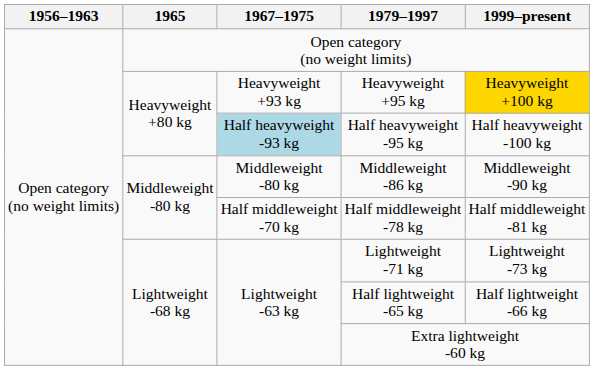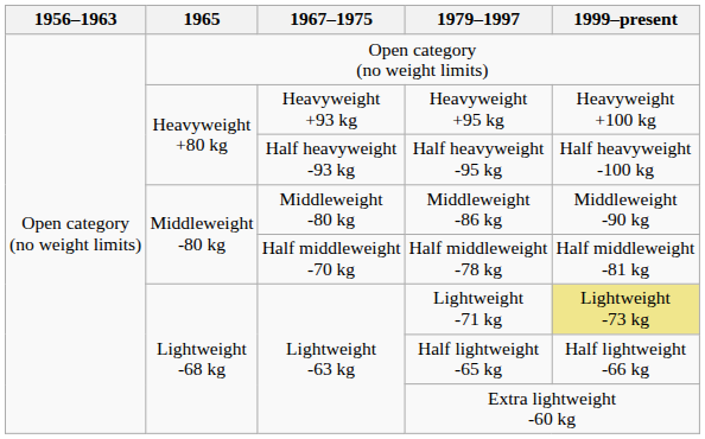 <table class="wikitable"  style="text-align:center">
 <tr>
 <th>1956–1963</th>
 <th>1965</th>
 <th>1967–1975</th>
 <th>1979–1997</th>
 <th>1999–present</th>
 </tr>
 <tr>
 <td rowspan=8>Open category<br>(no weight limits)</td>
 <td colspan=4>Open category<br>(no weight limits)</td>
 </tr>
 <tr>
 <td rowspan=2>Heavyweight<br>+80 kg</td>
 <td>Heavyweight<br>+93 kg</td>
 <td>Heavyweight<br>+95 kg</td>
-<td style="background: gold;">Heavyweight<br>+100 kg</td>
+<td>Heavyweight<br>+100 kg</td>
 </tr>
 <tr>
-<td style="background: lightblue;">Half heavyweight<br>-93 kg</td>
+<td>Half heavyweight<br>-93 kg</td>
 <td>Half heavyweight<br>-95 kg</td>
 <td>Half heavyweight<br>-100 kg</td>
 </tr>
 <tr>
 <td rowspan=2>Middleweight<br>-80 kg</td>
 <td>Middleweight<br>-80 kg</td>
 <td>Middleweight<br>-86 kg</td>
 <td>Middleweight<br>-90 kg</td>
 </tr>
 <tr>
 <td>Half middleweight<br>-70 kg</td>
 <td>Half middleweight<br>-78 kg</td>
 <td>Half middleweight<br>-81 kg</td>
 </tr>
 <tr>
 <td rowspan=3>Lightweight<br>-68 kg</td>
 <td rowspan=3>Lightweight<br>-63 kg</td>
 <td>Lightweight<br>-71 kg</td>
-<td>Lightweight<br>-73 kg</td>
+<td style="background: khaki;">Lightweight<br>-73 kg</td>
 </tr>
 <tr>
 <td>Half lightweight<br>-65 kg</td>
 <td>Half lightweight<br>-66 kg</td>
 </tr>
 <tr>
 <td colspan=2>Extra lightweight<br>-60 kg</td>
 </tr>
 </table>
